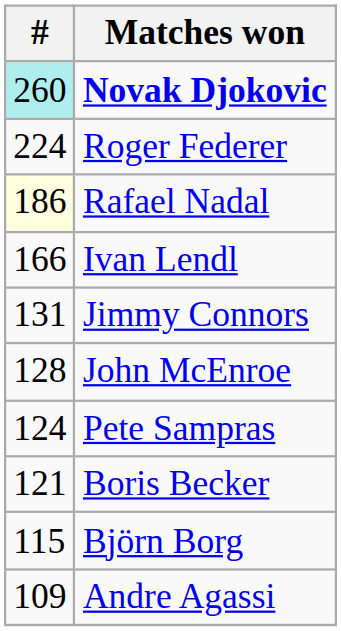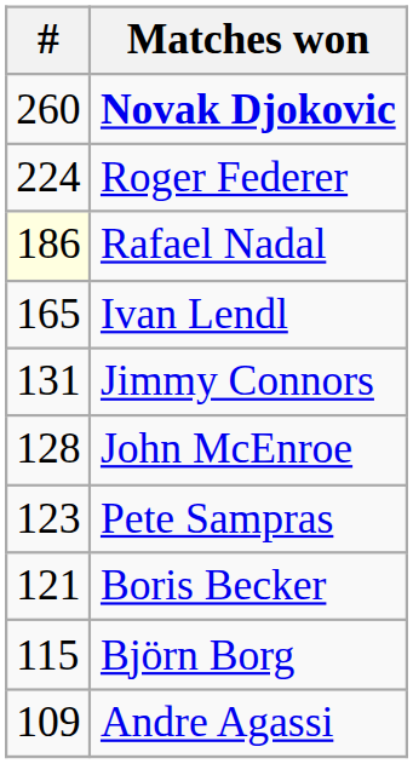 <table class="wikitable" style="display:inline-table;">
 <tr>
 <th>#</th>
 <th>Matches won</th>
 </tr>
 <tr>
-<td style="background: paleturquoise;">260</td>
+<td>260</td>
 <td> <strong><a href='#'>Novak Djokovic</a></strong></td>
 </tr>
 <tr>
 <td>224</td>
 <td> <a href='#'>Roger Federer</a></td>
 </tr>
 <tr>
 <td style="background: lightyellow;">186</td>
 <td> <a href='#'>Rafael Nadal</a></td>
 </tr>
 <tr>
-<td>166</td>
+<td>165</td>
 <td> <a href='#'>Ivan Lendl</a></td>
 </tr>
 <tr>
 <td>131</td>
 <td> <a href='#'>Jimmy Connors</a></td>
 </tr>
 <tr>
 <td>128</td>
 <td> <a href='#'>John McEnroe</a></td>
 </tr>
 <tr>
-<td>124</td>
+<td>123</td>
 <td> <a href='#'>Pete Sampras</a></td>
 </tr>
 <tr>
 <td>121</td>
 <td> <a href='#'>Boris Becker</a></td>
 </tr>
 <tr>
 <td>115</td>
 <td> <a href='#'>Björn Borg</a></td>
 </tr>
 <tr>
 <td>109</td>
 <td> <a href='#'>Andre Agassi</a><br></td>
 </tr>
 <tr>
 </tr>
 </table>
